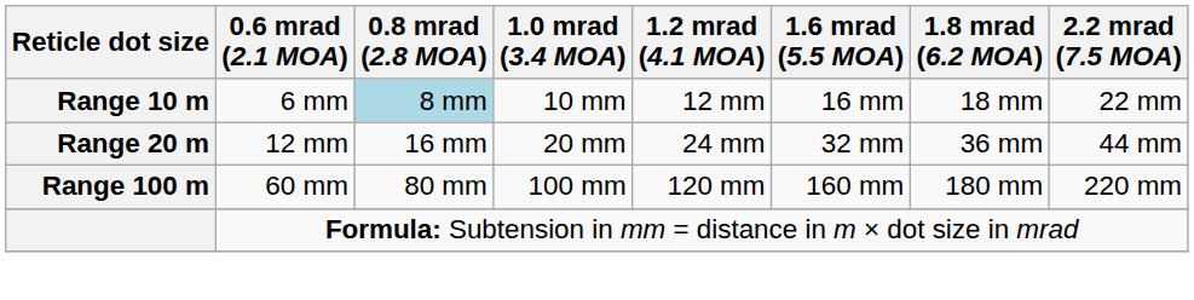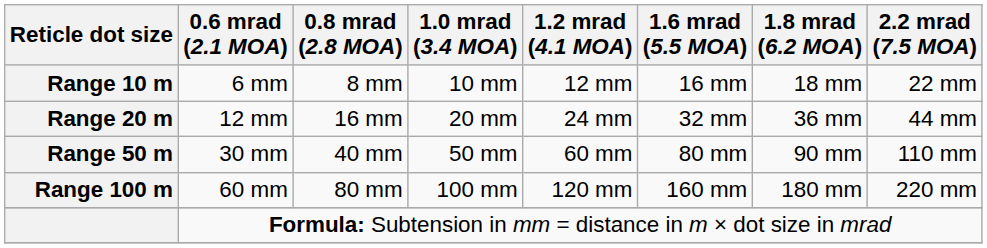 <table class="wikitable">
 <tr>
 <th>Reticle dot size</th>
 <th>0.6 mrad <br>(<em>2.1 MOA</em>)</th>
 <th>0.8 mrad <br>(<em>2.8 MOA</em>)</th>
 <th>1.0 mrad <br>(<em>3.4 MOA</em>)</th>
 <th>1.2 mrad <br>(<em>4.1 MOA</em>)</th>
 <th>1.6 mrad <br>(<em>5.5 MOA</em>)</th>
 <th>1.8 mrad <br>(<em>6.2 MOA</em>)</th>
 <th>2.2 mrad <br>(<em>7.5 MOA</em>)</th>
 </tr>
 <tr>
 <th style="text-align: right;">Range 10 m</th>
 <td style="text-align: right;">6 mm</td>
-<td style="background: lightblue; text-align: right;">8 mm</td>
+<td style="text-align: right;">8 mm</td>
 <td style="text-align: right;">10 mm</td>
 <td style="text-align: right;">12 mm</td>
 <td style="text-align: right;">16 mm</td>
 <td style="text-align: right;">18 mm</td>
 <td style="text-align: right;">22 mm</td>
 </tr>
 <tr>
 <th style="text-align: right;">Range 20 m</th>
 <td style="text-align: right;">12 mm</td>
 <td style="text-align: right;">16 mm</td>
 <td style="text-align: right;">20 mm</td>
 <td style="text-align: right;">24 mm</td>
 <td style="text-align: right;">32 mm</td>
 <td style="text-align: right;">36 mm</td>
 <td style="text-align: right;">44 mm</td>
+</tr>
+<tr>
+<th style="text-align: right;">Range 50 m</th>
+<td style="text-align: right;">30 mm</td>
+<td style="text-align: right;">40 mm</td>
+<td style="text-align: right;">50 mm</td>
+<td style="text-align: right;">60 mm</td>
+<td style="text-align: right;">80 mm</td>
+<td style="text-align: right;">90 mm</td>
+<td style="text-align: right;">110 mm</td>
 </tr>
 <tr>
 <th style="text-align: right;">Range 100 m</th>
 <td style="text-align: right;">60 mm</td>
 <td style="text-align: right;">80 mm</td>
 <td style="text-align: right;">100 mm</td>
 <td style="text-align: right;">120 mm</td>
 <td style="text-align: right;">160 mm</td>
 <td style="text-align: right;">180 mm</td>
 <td style="text-align: right;">220 mm</td>
 </tr>
 <tr>
 </tr>
 <tr>
 <th></th>
 <td colspan="7" style="text-align: center;"><strong>Formula:</strong> Subtension in <em>mm</em> = distance in <em>m</em> × dot size in <em>mrad</em></td>
 </tr>
 <tr>
 </tr>
 </table>
